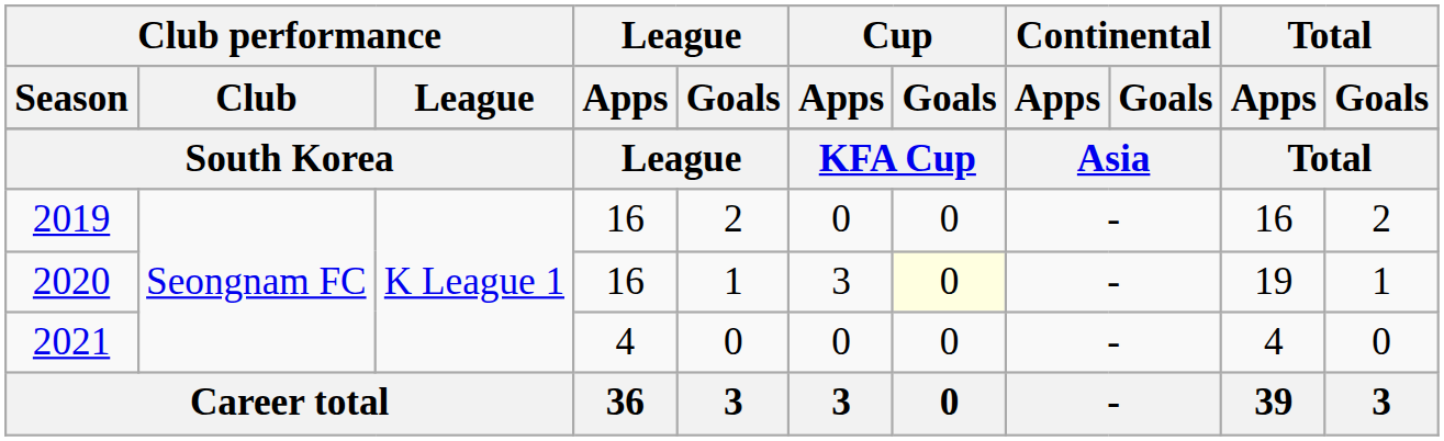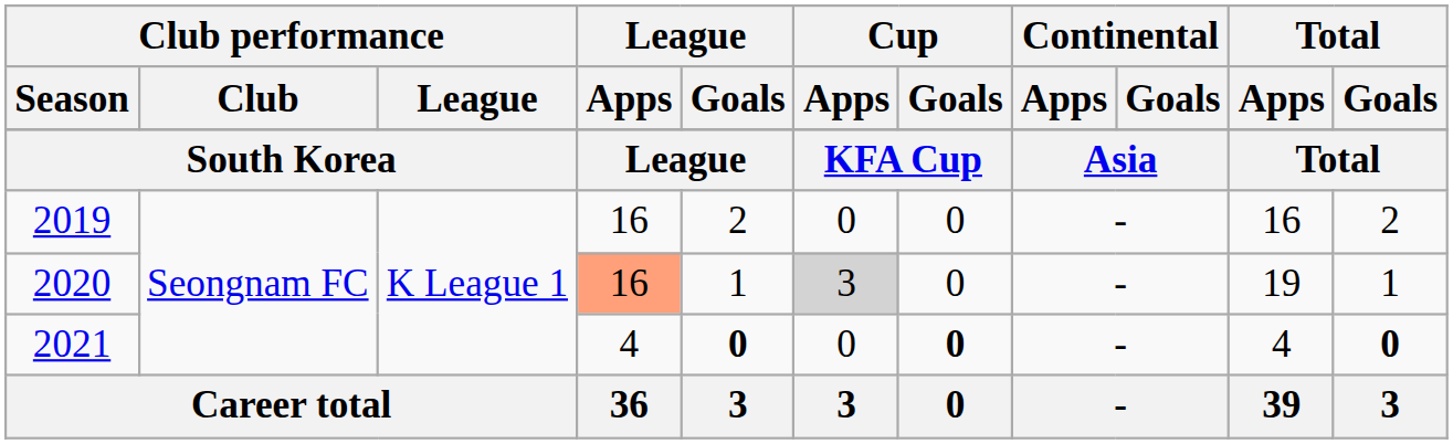 <table class="wikitable" style="text-align:center">
 <tr>
 <th colspan=3>Club performance</th>
 <th colspan=2>League</th>
 <th colspan=2>Cup</th>
 <th colspan=2>Continental</th>
 <th colspan=2>Total</th>
 </tr>
 <tr>
 <th>Season</th>
 <th>Club</th>
 <th>League</th>
 <th>Apps</th>
 <th>Goals</th>
 <th>Apps</th>
 <th>Goals</th>
 <th>Apps</th>
 <th>Goals</th>
 <th>Apps</th>
 <th>Goals</th>
 </tr>
 <tr>
 </tr>
 <tr>
 <th colspan=3>South Korea</th>
 <th colspan=2>League</th>
 <th colspan=2><a href='#'>KFA Cup</a></th>
 <th colspan=2><a href='#'>Asia</a></th>
 <th colspan=2>Total</th>
 </tr>
 <tr>
 <td><a href='#'>2019</a></td>
 <td rowspan="3"><a href='#'>Seongnam FC</a></td>
 <td rowspan="3"><a href='#'>K League 1</a></td>
 <td>16</td>
 <td>2</td>
 <td>0</td>
 <td>0</td>
 <td colspan="2">-</td>
 <td>16</td>
 <td>2</td>
 </tr>
 <tr>
 <td><a href='#'>2020</a></td>
-<td>16</td>
+<td style="background: lightsalmon;">16</td>
 <td>1</td>
-<td>3</td>
-<td style="background: lightyellow;">0</td>
+<td style="background: lightgrey;">3</td>
+<td>0</td>
 <td colspan="2">-</td>
 <td>19</td>
 <td>1</td>
 </tr>
 <tr>
 <td><a href='#'>2021</a></td>
 <td>4</td>
+<td><strong>0</strong></td>
 <td>0</td>
-<td>0</td>
-<td>0</td>
+<td><strong>0</strong></td>
 <td colspan="2">-</td>
 <td>4</td>
-<td>0</td>
+<td><strong>0</strong></td>
 </tr>
 <tr>
 <th colspan=3>Career total</th>
 <th>36</th>
 <th>3</th>
 <th>3</th>
 <th>0</th>
 <th colspan="2">-</th>
 <th>39</th>
 <th>3</th>
 </tr>
 </table>
